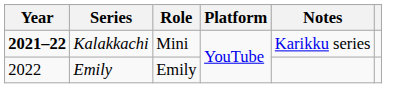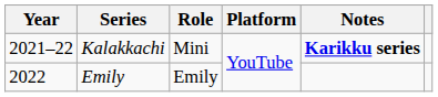 <table class="wikitable sortable">
 <tr style="background:#ccc; text-align:center;">
 <th>Year</th>
 <th>Series</th>
 <th>Role</th>
 <th>Platform</th>
 <th>Notes</th>
 <th></th>
 </tr>
 <tr>
-<td><strong>2021–22</strong></td>
+<td>2021–22</td>
 <td><em>Kalakkachi</em></td>
 <td>Mini</td>
 <td rowspan="2"><a href='#'>YouTube</a></td>
-<td><a href='#'>Karikku</a> series</td>
+<td><strong><a href='#'>Karikku</a> series</strong></td>
 <td></td>
 </tr>
 <tr>
 <td>2022</td>
 <td><em>Emily</em></td>
 <td>Emily</td>
 <td></td>
 <td></td>
 </tr>
 </table>
